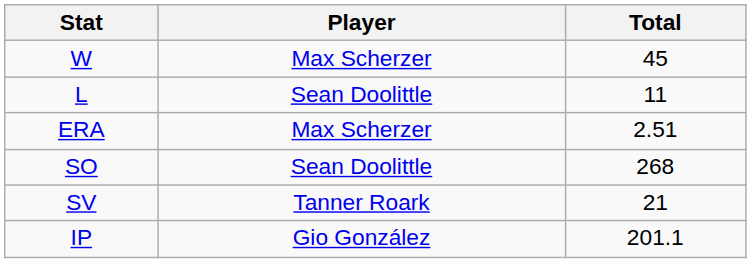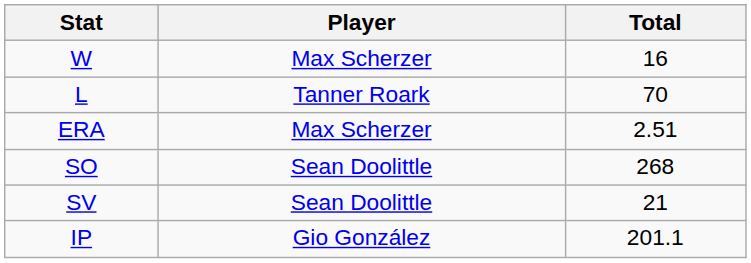 <table class="wikitable" style="width:33%;">
 <tr style="text-align:center; background:#ddd;">
 <th>Stat</th>
 <th>Player</th>
 <th>Total</th>
 </tr>
 <tr align=center>
 <td><a href='#'>W</a></td>
 <td><a href='#'>Max Scherzer</a></td>
-<td>45</td>
+<td>16</td>
 </tr>
 <tr align=center>
 <td><a href='#'>L</a></td>
-<td><a href='#'>Sean Doolittle</a></td>
-<td>11</td>
+<td><a href='#'>Tanner Roark</a></td>
+<td>70</td>
 </tr>
 <tr align=center>
 <td><a href='#'>ERA</a></td>
 <td><a href='#'>Max Scherzer</a></td>
 <td>2.51</td>
 </tr>
 <tr align=center>
 <td><a href='#'>SO</a></td>
 <td><a href='#'>Sean Doolittle</a></td>
 <td>268</td>
 </tr>
 <tr align=center>
 <td><a href='#'>SV</a></td>
-<td><a href='#'>Tanner Roark</a></td>
+<td><a href='#'>Sean Doolittle</a></td>
 <td>21</td>
 </tr>
 <tr align=center>
 <td><a href='#'>IP</a></td>
 <td><a href='#'>Gio González</a></td>
 <td>201.1</td>
 </tr>
 </table>
